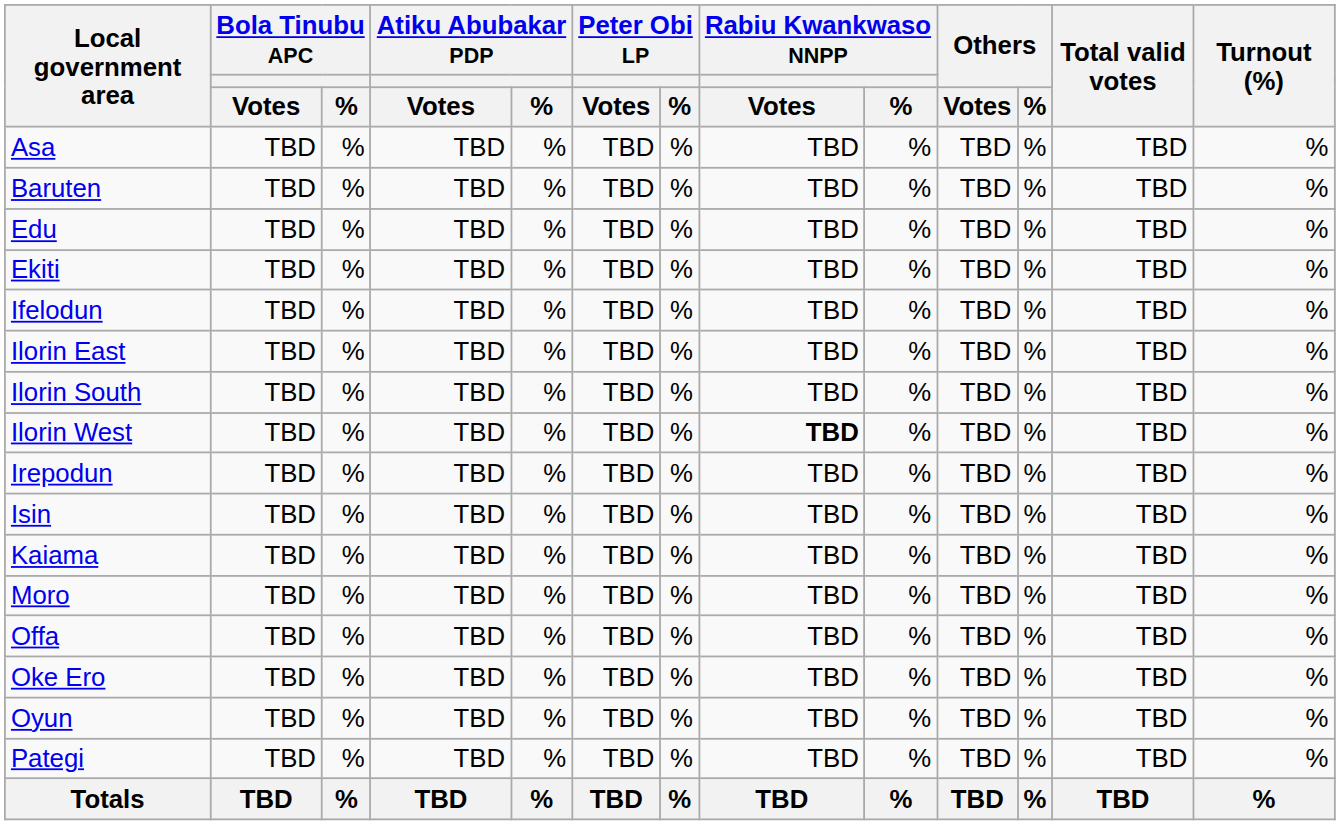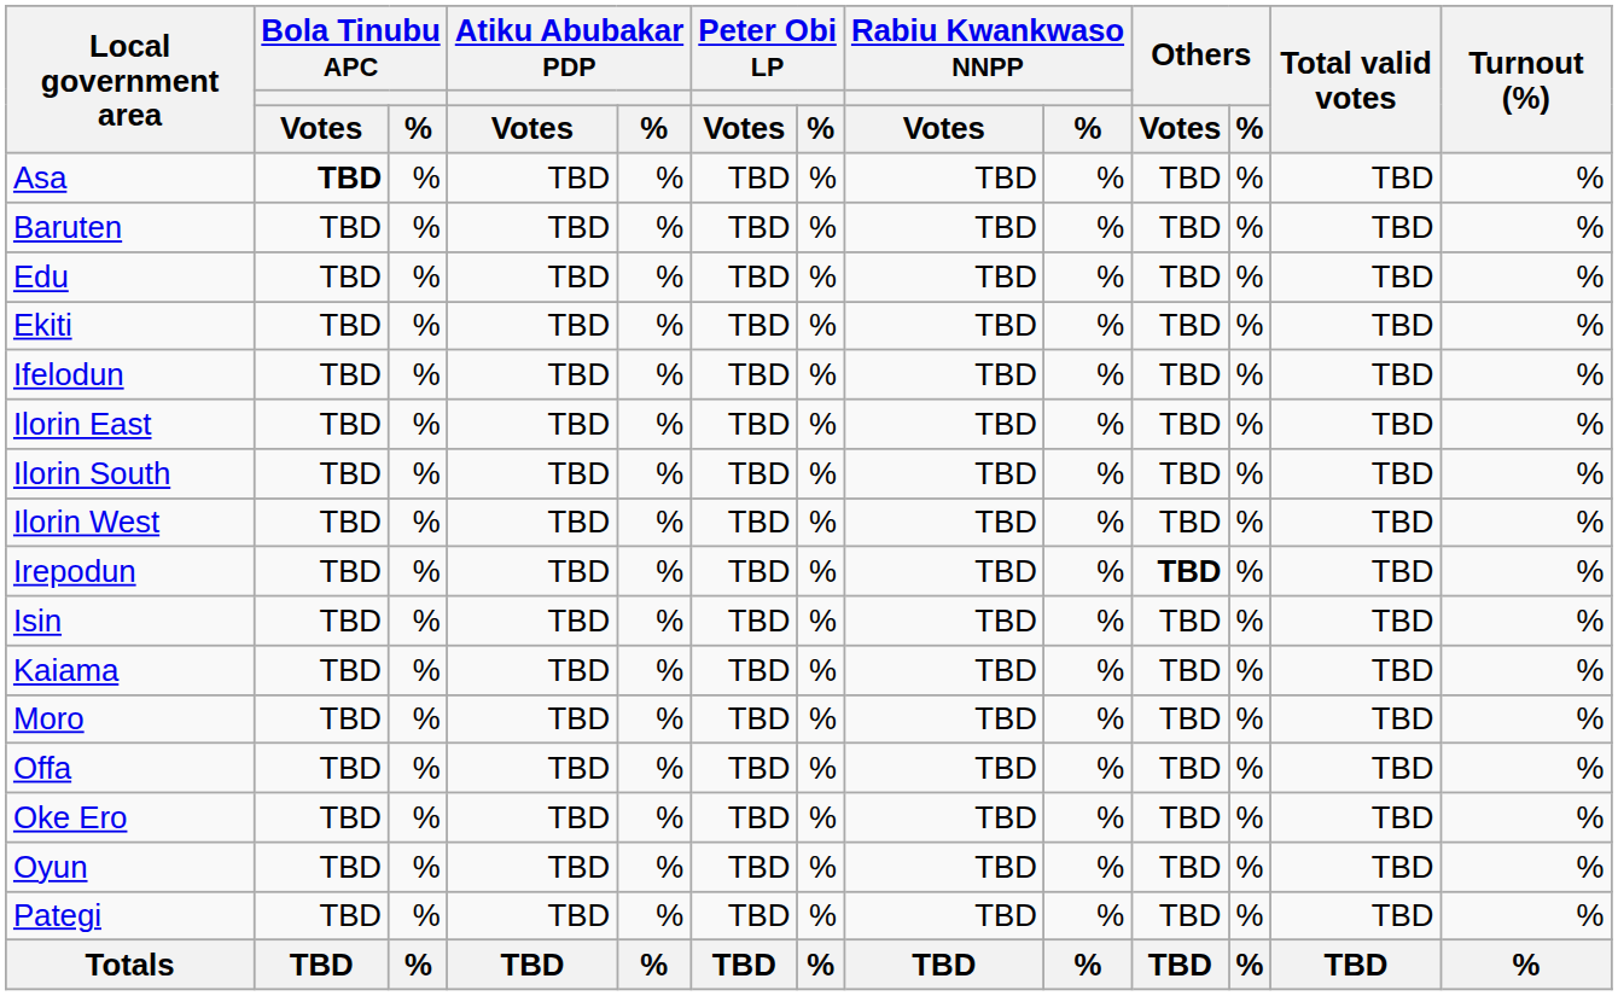 <table class="wikitable sortable" style="text-align:right; font-size:90%">
 <tr>
 <th rowspan="3" style="max-width:7.5em;">Local government area</th>
 <th colspan="2"><a href='#'>Bola Tinubu</a><br><small>APC</small></th>
 <th colspan="2"><a href='#'>Atiku Abubakar</a><br><small>PDP</small></th>
 <th colspan="2"><a href='#'>Peter Obi</a><br><small>LP</small></th>
 <th colspan="2"><a href='#'>Rabiu Kwankwaso</a><br><small>NNPP</small></th>
 <th colspan="2" rowspan="2">Others</th>
 <th rowspan="3" style="max-width:5em;">Total valid votes</th>
 <th rowspan="3" style="max-width:5em;">Turnout (%)</th>
 </tr>
 <tr>
 <th colspan=2 style="background-color:"></th>
 <th colspan=2 style="background-color:"></th>
 <th colspan=2 style="background-color:"></th>
 <th colspan=2 style="background-color:"></th>
 </tr>
 <tr>
 <th>Votes</th>
 <th>%</th>
 <th>Votes</th>
 <th>%</th>
 <th>Votes</th>
 <th>%</th>
 <th>Votes</th>
 <th>%</th>
 <th>Votes</th>
 <th>%</th>
 </tr>
 <tr style="background-color:#">
 <td style="text-align:left;"><a href='#'>Asa</a></td>
-<td>TBD</td>
+<td><strong>TBD</strong></td>
 <td>%</td>
 <td>TBD</td>
 <td>%</td>
 <td>TBD</td>
 <td>%</td>
 <td>TBD</td>
 <td>%</td>
 <td>TBD</td>
 <td>%</td>
 <td>TBD</td>
 <td>%</td>
 </tr>
 <tr style="background-color:#">
 <td style="text-align:left;"><a href='#'>Baruten</a></td>
 <td>TBD</td>
 <td>%</td>
 <td>TBD</td>
 <td>%</td>
 <td>TBD</td>
 <td>%</td>
 <td>TBD</td>
 <td>%</td>
 <td>TBD</td>
 <td>%</td>
 <td>TBD</td>
 <td>%</td>
 </tr>
 <tr style="background-color:#">
 <td style="text-align:left;"><a href='#'>Edu</a></td>
 <td>TBD</td>
 <td>%</td>
 <td>TBD</td>
 <td>%</td>
 <td>TBD</td>
 <td>%</td>
 <td>TBD</td>
 <td>%</td>
 <td>TBD</td>
 <td>%</td>
 <td>TBD</td>
 <td>%</td>
 </tr>
 <tr style="background-color:#">
 <td style="text-align:left;"><a href='#'>Ekiti</a></td>
 <td>TBD</td>
 <td>%</td>
 <td>TBD</td>
 <td>%</td>
 <td>TBD</td>
 <td>%</td>
 <td>TBD</td>
 <td>%</td>
 <td>TBD</td>
 <td>%</td>
 <td>TBD</td>
 <td>%</td>
 </tr>
 <tr style="background-color:#">
 <td style="text-align:left;"><a href='#'>Ifelodun</a></td>
 <td>TBD</td>
 <td>%</td>
 <td>TBD</td>
 <td>%</td>
 <td>TBD</td>
 <td>%</td>
 <td>TBD</td>
 <td>%</td>
 <td>TBD</td>
 <td>%</td>
 <td>TBD</td>
 <td>%</td>
 </tr>
 <tr style="background-color:#">
 <td style="text-align:left;"><a href='#'>Ilorin East</a></td>
 <td>TBD</td>
 <td>%</td>
 <td>TBD</td>
 <td>%</td>
 <td>TBD</td>
 <td>%</td>
 <td>TBD</td>
 <td>%</td>
 <td>TBD</td>
 <td>%</td>
 <td>TBD</td>
 <td>%</td>
 </tr>
 <tr style="background-color:#">
 <td style="text-align:left;"><a href='#'>Ilorin South</a></td>
 <td>TBD</td>
 <td>%</td>
 <td>TBD</td>
 <td>%</td>
 <td>TBD</td>
 <td>%</td>
 <td>TBD</td>
 <td>%</td>
 <td>TBD</td>
 <td>%</td>
 <td>TBD</td>
 <td>%</td>
 </tr>
 <tr style="background-color:#">
 <td style="text-align:left;"><a href='#'>Ilorin West</a></td>
 <td>TBD</td>
 <td>%</td>
 <td>TBD</td>
 <td>%</td>
 <td>TBD</td>
 <td>%</td>
-<td><strong>TBD</strong></td>
+<td>TBD</td>
 <td>%</td>
 <td>TBD</td>
 <td>%</td>
 <td>TBD</td>
 <td>%</td>
 </tr>
 <tr style="background-color:#">
 <td style="text-align:left;"><a href='#'>Irepodun</a></td>
 <td>TBD</td>
 <td>%</td>
 <td>TBD</td>
 <td>%</td>
 <td>TBD</td>
 <td>%</td>
 <td>TBD</td>
 <td>%</td>
-<td>TBD</td>
+<td><strong>TBD</strong></td>
 <td>%</td>
 <td>TBD</td>
 <td>%</td>
 </tr>
 <tr style="background-color:#">
 <td style="text-align:left;"><a href='#'>Isin</a></td>
 <td>TBD</td>
 <td>%</td>
 <td>TBD</td>
 <td>%</td>
 <td>TBD</td>
 <td>%</td>
 <td>TBD</td>
 <td>%</td>
 <td>TBD</td>
 <td>%</td>
 <td>TBD</td>
 <td>%</td>
 </tr>
 <tr style="background-color:#">
 <td style="text-align:left;"><a href='#'>Kaiama</a></td>
 <td>TBD</td>
 <td>%</td>
 <td>TBD</td>
 <td>%</td>
 <td>TBD</td>
 <td>%</td>
 <td>TBD</td>
 <td>%</td>
 <td>TBD</td>
 <td>%</td>
 <td>TBD</td>
 <td>%</td>
 </tr>
 <tr style="background-color:#">
 <td style="text-align:left;"><a href='#'>Moro</a></td>
 <td>TBD</td>
 <td>%</td>
 <td>TBD</td>
 <td>%</td>
 <td>TBD</td>
 <td>%</td>
 <td>TBD</td>
 <td>%</td>
 <td>TBD</td>
 <td>%</td>
 <td>TBD</td>
 <td>%</td>
 </tr>
 <tr style="background-color:#">
 <td style="text-align:left;"><a href='#'>Offa</a></td>
 <td>TBD</td>
 <td>%</td>
 <td>TBD</td>
 <td>%</td>
 <td>TBD</td>
 <td>%</td>
 <td>TBD</td>
 <td>%</td>
 <td>TBD</td>
 <td>%</td>
 <td>TBD</td>
 <td>%</td>
 </tr>
 <tr style="background-color:#">
 <td style="text-align:left;"><a href='#'>Oke Ero</a></td>
 <td>TBD</td>
 <td>%</td>
 <td>TBD</td>
 <td>%</td>
 <td>TBD</td>
 <td>%</td>
 <td>TBD</td>
 <td>%</td>
 <td>TBD</td>
 <td>%</td>
 <td>TBD</td>
 <td>%</td>
 </tr>
 <tr style="background-color:#">
 <td style="text-align:left;"><a href='#'>Oyun</a></td>
 <td>TBD</td>
 <td>%</td>
 <td>TBD</td>
 <td>%</td>
 <td>TBD</td>
 <td>%</td>
 <td>TBD</td>
 <td>%</td>
 <td>TBD</td>
 <td>%</td>
 <td>TBD</td>
 <td>%</td>
 </tr>
 <tr style="background-color:#">
 <td style="text-align:left;"><a href='#'>Pategi</a></td>
 <td>TBD</td>
 <td>%</td>
 <td>TBD</td>
 <td>%</td>
 <td>TBD</td>
 <td>%</td>
 <td>TBD</td>
 <td>%</td>
 <td>TBD</td>
 <td>%</td>
 <td>TBD</td>
 <td>%</td>
 </tr>
 <tr>
 <th>Totals</th>
 <th>TBD</th>
 <th>%</th>
 <th>TBD</th>
 <th>%</th>
 <th>TBD</th>
 <th>%</th>
 <th>TBD</th>
 <th>%</th>
 <th>TBD</th>
 <th>%</th>
 <th>TBD</th>
 <th>%</th>
 </tr>
 </table>
